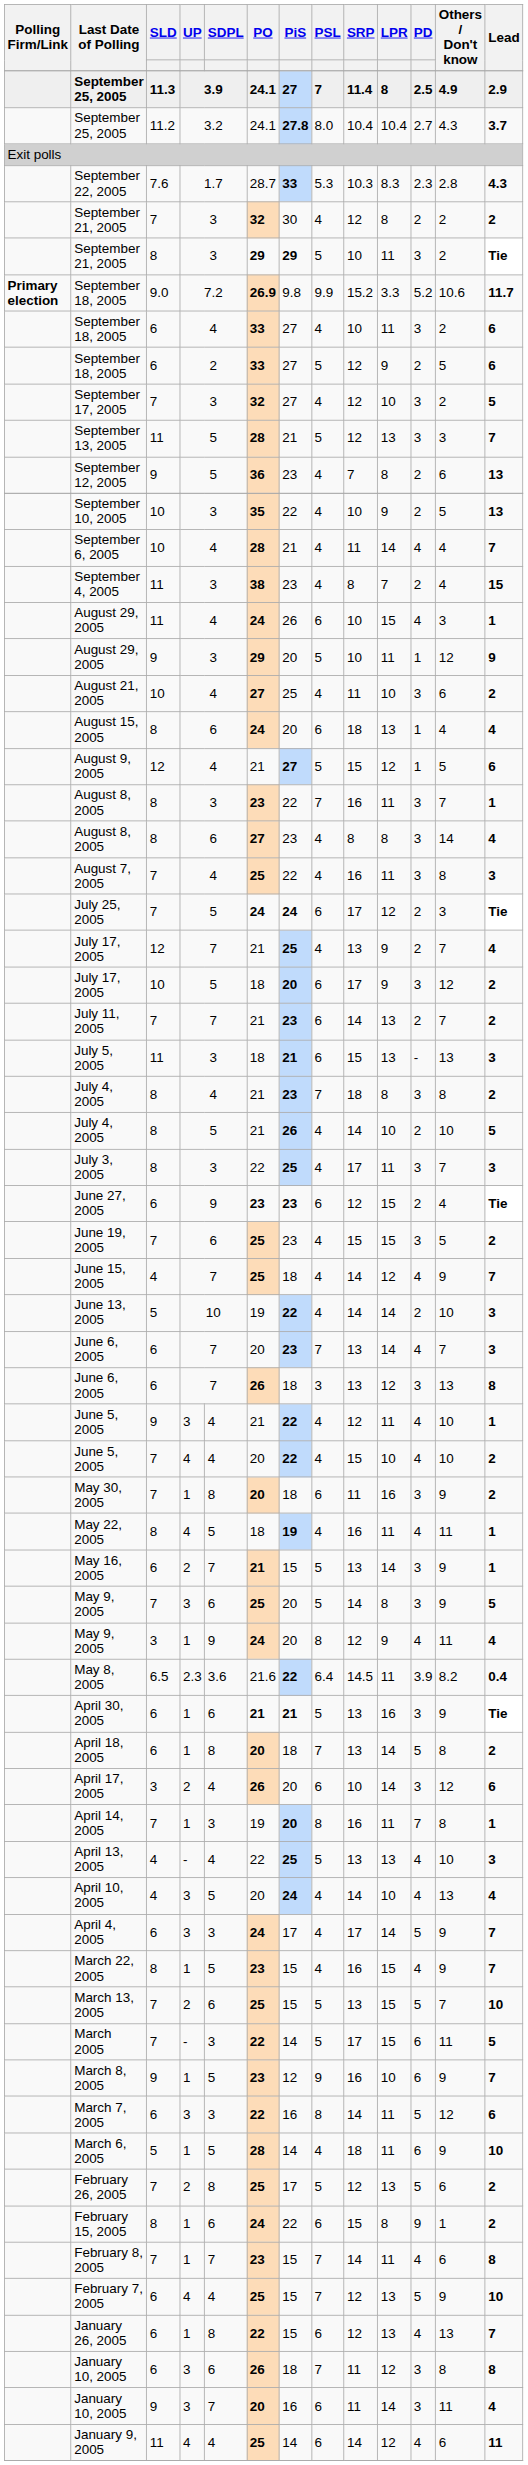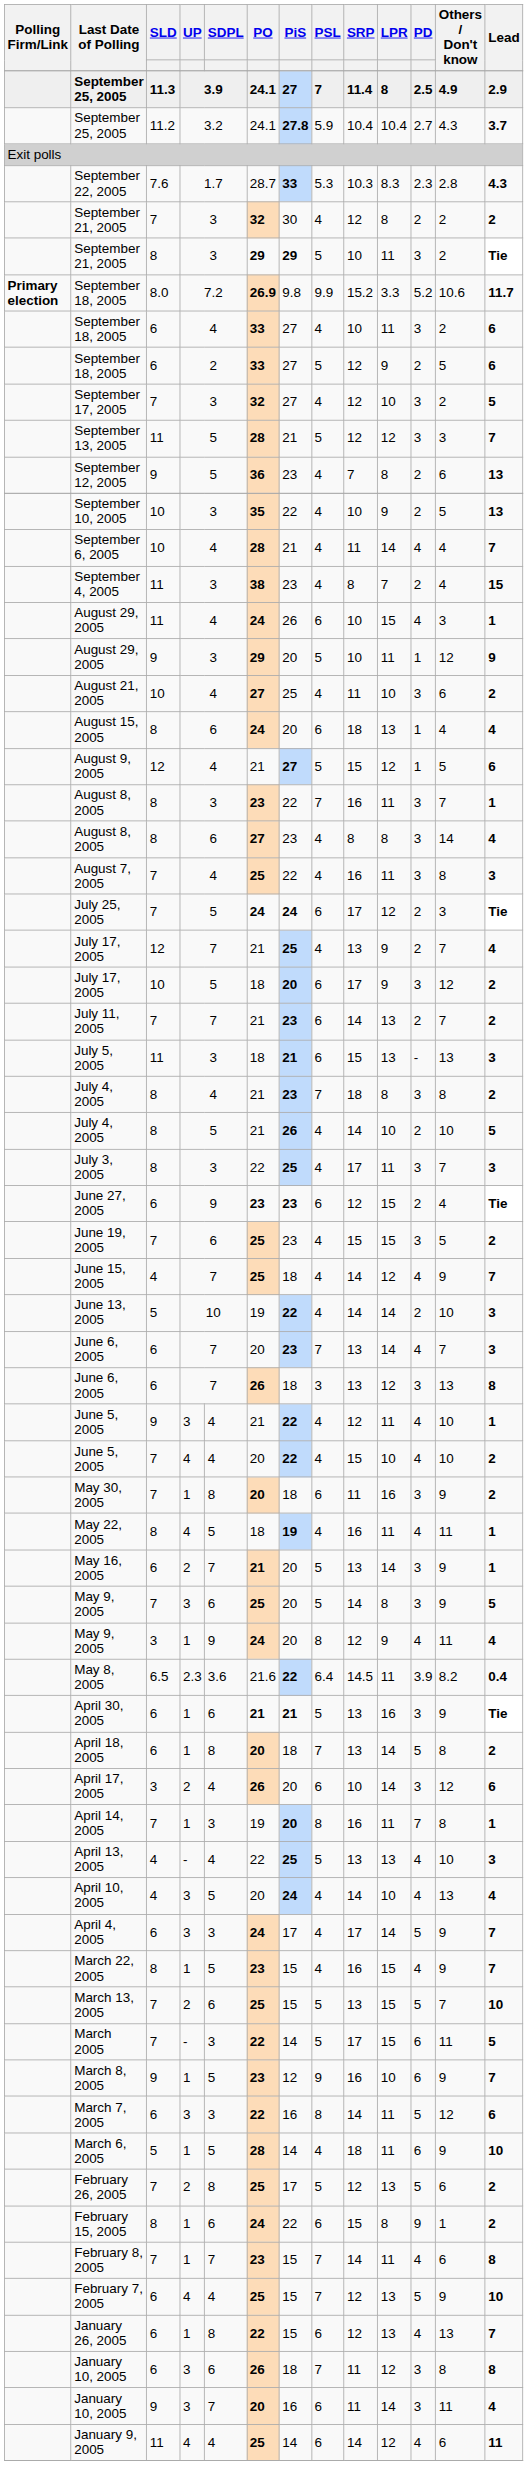 <table class="wikitable sortable collapsible">
 <tr style="height:42px; text-align:center; background-color:#E9E9E9">
 <th rowspan="2" style="width:130px;">Polling Firm/Link</th>
 <th rowspan="2" data-sort-type="date" style="width:130px;">Last Date<br>of Polling</th>
 <th style="width:60px;" class="unsortable"><a href='#'>SLD</a></th>
 <th style="width:60px;" class="unsortable"><a href='#'>UP</a></th>
 <th style="width:60px;" class="unsortable"><a href='#'>SDPL</a></th>
 <th style="width:60px;" class="unsortable"><a href='#'>PO</a></th>
 <th style="width:60px;" class="unsortable"><a href='#'>PiS</a></th>
 <th style="width:60px;" class="unsortable"><a href='#'>PSL</a></th>
 <th style="width:60px;" class="unsortable"><a href='#'>SRP</a></th>
 <th style="width:60px;" class="unsortable"><a href='#'>LPR</a></th>
 <th style="width:60px;" class="unsortable"><a href='#'>PD</a></th>
 <th rowspan="2" data-sort-type="number" style="width:40px;">Others /<br>Don't know</th>
 <th rowspan="2" data-sort-type="number" style="width:30px;">Lead</th>
 </tr>
 <tr>
 <th data-sort-type="number" style="height:1px; background:"></th>
 <th data-sort-type="number" style="height:1px; background:"></th>
 <th data-sort-type="number" style="height:1px; background:"></th>
 <th data-sort-type="number" style="height:1px; background:"></th>
 <th data-sort-type="number" style="height:1px; background:"></th>
 <th data-sort-type="number" style="height:1px; background:"></th>
 <th data-sort-type="number" style="height:1px; background:"></th>
 <th data-sort-type="number" style="height:1px; background:"></th>
 <th data-sort-type="number" style="height:1px; background:"></th>
 </tr>
 <tr>
 </tr>
 <tr style="background:#EFEFEF; font-weight:bold;">
 <td></td>
 <td>September 25, 2005</td>
 <td>11.3</td>
 <td colspan=2 align=center>3.9</td>
 <td>24.1</td>
 <td style="background:#C0DBFC"><strong>27</strong></td>
 <td>7</td>
 <td>11.4</td>
 <td>8</td>
 <td>2.5</td>
 <td>4.9</td>
 <td style="background:"><strong>2.9</strong></td>
 </tr>
 <tr>
 <td></td>
 <td>September 25, 2005</td>
 <td>11.2</td>
 <td colspan=2 align=center>3.2</td>
 <td>24.1</td>
 <td style="background:#C0DBFC"><strong>27.8</strong></td>
-<td>8.0</td>
+<td>5.9</td>
 <td>10.4</td>
 <td>10.4</td>
 <td>2.7</td>
 <td>4.3</td>
 <td style="background:"><strong>3.7</strong></td>
 </tr>
 <tr>
 <td colspan="14" style="background:#D0D0D0; align=center; color:black">Exit polls</td>
 </tr>
 <tr>
 <td></td>
 <td>September 22, 2005</td>
 <td>7.6</td>
 <td colspan=2 align=center>1.7</td>
 <td>28.7</td>
 <td style="background:#C0DBFC"><strong>33</strong></td>
 <td>5.3</td>
 <td>10.3</td>
 <td>8.3</td>
 <td>2.3</td>
 <td>2.8</td>
 <td style="background:"><strong>4.3</strong></td>
 </tr>
 <tr>
 <td></td>
 <td>September 21, 2005</td>
 <td>7</td>
 <td colspan=2 align=center>3</td>
 <td style="background:#FDDCB8"><strong>32</strong></td>
 <td>30</td>
 <td>4</td>
 <td>12</td>
 <td>8</td>
 <td>2</td>
 <td>2</td>
 <td style="background:"><strong>2</strong></td>
 </tr>
 <tr>
 <td></td>
 <td>September 21, 2005</td>
 <td>8</td>
 <td colspan=2 align=center>3</td>
 <td><strong>29</strong></td>
 <td><strong>29</strong></td>
 <td>5</td>
 <td>10</td>
 <td>11</td>
 <td>3</td>
 <td>2</td>
 <td style="background:white; color:black;"><strong>Tie</strong></td>
 </tr>
 <tr>
 <td><strong>Primary election</strong></td>
 <td>September 18, 2005</td>
-<td>9.0</td>
+<td>8.0</td>
 <td colspan=2 align=center>7.2</td>
 <td style="background:#FDDCB8"><strong>26.9</strong></td>
 <td>9.8</td>
 <td>9.9</td>
 <td>15.2</td>
 <td>3.3</td>
 <td>5.2</td>
 <td>10.6</td>
 <td style="background:"><strong>11.7</strong></td>
 </tr>
 <tr>
 <td></td>
 <td>September 18, 2005</td>
 <td>6</td>
 <td colspan=2 align=center>4</td>
 <td style="background:#FDDCB8"><strong>33</strong></td>
 <td>27</td>
 <td>4</td>
 <td>10</td>
 <td>11</td>
 <td>3</td>
 <td>2</td>
 <td style="background:"><strong>6</strong></td>
 </tr>
 <tr>
 <td></td>
 <td>September 18, 2005</td>
 <td>6</td>
 <td colspan=2 align=center>2</td>
 <td style="background:#FDDCB8"><strong>33</strong></td>
 <td>27</td>
 <td>5</td>
 <td>12</td>
 <td>9</td>
 <td>2</td>
 <td>5</td>
 <td style="background:"><strong>6</strong></td>
 </tr>
 <tr>
 <td></td>
 <td>September 17, 2005</td>
 <td>7</td>
 <td colspan=2 align=center>3</td>
 <td style="background:#FDDCB8"><strong>32</strong></td>
 <td>27</td>
 <td>4</td>
 <td>12</td>
 <td>10</td>
 <td>3</td>
 <td>2</td>
 <td style="background:"><strong>5</strong></td>
 </tr>
 <tr>
 <td></td>
 <td>September 13, 2005</td>
 <td>11</td>
 <td colspan=2 align=center>5</td>
 <td style="background:#FDDCB8"><strong>28</strong></td>
 <td>21</td>
 <td>5</td>
 <td>12</td>
-<td>13</td>
+<td>12</td>
 <td>3</td>
 <td>3</td>
 <td style="background:"><strong>7</strong></td>
 </tr>
 <tr>
 <td></td>
 <td>September 12, 2005</td>
 <td>9</td>
 <td colspan=2 align=center>5</td>
 <td style="background:#FDDCB8"><strong>36</strong></td>
 <td>23</td>
 <td>4</td>
 <td>7</td>
 <td>8</td>
 <td>2</td>
 <td>6</td>
 <td style="background:"><strong>13</strong></td>
 </tr>
 <tr>
 </tr>
 <tr>
 <td></td>
 <td>September 10, 2005</td>
 <td>10</td>
 <td colspan=2 align=center>3</td>
 <td style="background:#FDDCB8"><strong>35</strong></td>
 <td>22</td>
 <td>4</td>
 <td>10</td>
 <td>9</td>
 <td>2</td>
 <td>5</td>
 <td style="background:"><strong>13</strong></td>
 </tr>
 <tr>
 <td></td>
 <td>September 6, 2005</td>
 <td>10</td>
 <td colspan=2 align=center>4</td>
 <td style="background:#FDDCB8"><strong>28</strong></td>
 <td>21</td>
 <td>4</td>
 <td>11</td>
 <td>14</td>
 <td>4</td>
 <td>4</td>
 <td style="background:"><strong>7</strong></td>
 </tr>
 <tr>
 <td></td>
 <td>September 4, 2005</td>
 <td>11</td>
 <td colspan=2 align=center>3</td>
 <td style="background:#FDDCB8"><strong>38</strong></td>
 <td>23</td>
 <td>4</td>
 <td>8</td>
 <td>7</td>
 <td>2</td>
 <td>4</td>
 <td style="background:"><strong>15</strong></td>
 </tr>
 <tr>
 <td></td>
 <td>August 29, 2005</td>
 <td>11</td>
 <td colspan=2 align=center>4</td>
 <td style="background:#FDDCB8"><strong>24</strong></td>
 <td>26</td>
 <td>6</td>
 <td>10</td>
 <td>15</td>
 <td>4</td>
 <td>3</td>
 <td style="background:"><strong>1</strong></td>
 </tr>
 <tr>
 <td></td>
 <td>August 29, 2005</td>
 <td>9</td>
 <td colspan=2 align=center>3</td>
 <td style="background:#FDDCB8"><strong>29</strong></td>
 <td>20</td>
 <td>5</td>
 <td>10</td>
 <td>11</td>
 <td>1</td>
 <td>12</td>
 <td style="background:"><strong>9</strong></td>
 </tr>
 <tr>
 <td></td>
 <td>August 21, 2005</td>
 <td>10</td>
 <td colspan=2 align=center>4</td>
 <td style="background:#FDDCB8"><strong>27</strong></td>
 <td>25</td>
 <td>4</td>
 <td>11</td>
 <td>10</td>
 <td>3</td>
 <td>6</td>
 <td style="background:"><strong>2</strong></td>
 </tr>
 <tr>
 <td></td>
 <td>August 15, 2005</td>
 <td>8</td>
 <td colspan=2 align=center>6</td>
 <td style="background:#FDDCB8"><strong>24</strong></td>
 <td>20</td>
 <td>6</td>
 <td>18</td>
 <td>13</td>
 <td>1</td>
 <td>4</td>
 <td style="background:"><strong>4</strong></td>
 </tr>
 <tr>
 <td></td>
 <td>August 9, 2005</td>
 <td>12</td>
 <td colspan=2 align=center>4</td>
 <td>21</td>
 <td style="background:#C0DBFC"><strong>27</strong></td>
 <td>5</td>
 <td>15</td>
 <td>12</td>
 <td>1</td>
 <td>5</td>
 <td style="background:"><strong>6</strong></td>
 </tr>
 <tr>
 <td></td>
 <td>August 8, 2005</td>
 <td>8</td>
 <td colspan=2 align=center>3</td>
 <td style="background:#FDDCB8"><strong>23</strong></td>
 <td>22</td>
 <td>7</td>
 <td>16</td>
 <td>11</td>
 <td>3</td>
 <td>7</td>
 <td style="background:"><strong>1</strong></td>
 </tr>
 <tr>
 <td></td>
 <td>August 8, 2005</td>
 <td>8</td>
 <td colspan=2 align=center>6</td>
 <td style="background:#FDDCB8"><strong>27</strong></td>
 <td>23</td>
 <td>4</td>
 <td>8</td>
 <td>8</td>
 <td>3</td>
 <td>14</td>
 <td style="background:"><strong>4</strong></td>
 </tr>
 <tr>
 <td></td>
 <td>August 7, 2005</td>
 <td>7</td>
 <td colspan=2 align=center>4</td>
 <td style="background:#FDDCB8"><strong>25</strong></td>
 <td>22</td>
 <td>4</td>
 <td>16</td>
 <td>11</td>
 <td>3</td>
 <td>8</td>
 <td style="background:"><strong>3</strong></td>
 </tr>
 <tr>
 <td></td>
 <td>July 25, 2005</td>
 <td>7</td>
 <td colspan=2 align=center>5</td>
 <td><strong>24</strong></td>
 <td><strong>24</strong></td>
 <td>6</td>
 <td>17</td>
 <td>12</td>
 <td>2</td>
 <td>3</td>
 <td style="background:white; color:black;"><strong>Tie</strong></td>
 </tr>
 <tr>
 <td></td>
 <td>July 17, 2005</td>
 <td>12</td>
 <td colspan=2 align=center>7</td>
 <td>21</td>
 <td style="background:#C0DBFC"><strong>25</strong></td>
 <td>4</td>
 <td>13</td>
 <td>9</td>
 <td>2</td>
 <td>7</td>
 <td style="background:"><strong>4</strong></td>
 </tr>
 <tr>
 <td></td>
 <td>July 17, 2005</td>
 <td>10</td>
 <td colspan=2 align=center>5</td>
 <td>18</td>
 <td style="background:#C0DBFC"><strong>20</strong></td>
 <td>6</td>
 <td>17</td>
 <td>9</td>
 <td>3</td>
 <td>12</td>
 <td style="background:"><strong>2</strong></td>
 </tr>
 <tr>
 <td></td>
 <td>July 11, 2005</td>
 <td>7</td>
 <td colspan=2 align=center>7</td>
 <td>21</td>
 <td style="background:#C0DBFC"><strong>23</strong></td>
 <td>6</td>
 <td>14</td>
 <td>13</td>
 <td>2</td>
 <td>7</td>
 <td style="background:"><strong>2</strong></td>
 </tr>
 <tr>
 <td></td>
 <td>July 5, 2005</td>
 <td>11</td>
 <td colspan=2 align=center>3</td>
 <td>18</td>
 <td style="background:#C0DBFC"><strong>21</strong></td>
 <td>6</td>
 <td>15</td>
 <td>13</td>
 <td>-</td>
 <td>13</td>
 <td style="background:"><strong>3</strong></td>
 </tr>
 <tr>
 <td></td>
 <td>July 4, 2005</td>
 <td>8</td>
 <td colspan=2 align=center>4</td>
 <td>21</td>
 <td style="background:#C0DBFC"><strong>23</strong></td>
 <td>7</td>
 <td>18</td>
 <td>8</td>
 <td>3</td>
 <td>8</td>
 <td style="background:"><strong>2</strong></td>
 </tr>
 <tr>
 <td></td>
 <td>July 4, 2005</td>
 <td>8</td>
 <td colspan=2 align=center>5</td>
 <td>21</td>
 <td style="background:#C0DBFC"><strong>26</strong></td>
 <td>4</td>
 <td>14</td>
 <td>10</td>
 <td>2</td>
 <td>10</td>
 <td style="background:"><strong>5</strong></td>
 </tr>
 <tr>
 <td></td>
 <td>July 3, 2005</td>
 <td>8</td>
 <td colspan=2 align=center>3</td>
 <td>22</td>
 <td style="background:#C0DBFC"><strong>25</strong></td>
 <td>4</td>
 <td>17</td>
 <td>11</td>
 <td>3</td>
 <td>7</td>
 <td style="background:"><strong>3</strong></td>
 </tr>
 <tr>
 <td></td>
 <td>June 27, 2005</td>
 <td>6</td>
 <td colspan=2 align=center>9</td>
 <td><strong>23</strong></td>
 <td><strong>23</strong></td>
 <td>6</td>
 <td>12</td>
 <td>15</td>
 <td>2</td>
 <td>4</td>
 <td style="background:white; color:black;"><strong>Tie</strong></td>
 </tr>
 <tr>
 <td></td>
 <td>June 19, 2005</td>
 <td>7</td>
 <td colspan=2 align=center>6</td>
 <td style="background:#FDDCB8"><strong>25</strong></td>
 <td>23</td>
 <td>4</td>
 <td>15</td>
 <td>15</td>
 <td>3</td>
 <td>5</td>
 <td style="background:"><strong>2</strong></td>
 </tr>
 <tr>
 <td></td>
 <td>June 15, 2005</td>
 <td>4</td>
 <td colspan=2 align=center>7</td>
 <td style="background:#FDDCB8"><strong>25</strong></td>
 <td>18</td>
 <td>4</td>
 <td>14</td>
 <td>12</td>
 <td>4</td>
 <td>9</td>
 <td style="background:"><strong>7</strong></td>
 </tr>
 <tr>
 <td></td>
 <td>June 13, 2005</td>
 <td>5</td>
 <td colspan=2 align=center>10</td>
 <td>19</td>
 <td style="background:#C0DBFC"><strong>22</strong></td>
 <td>4</td>
 <td>14</td>
 <td>14</td>
 <td>2</td>
 <td>10</td>
 <td style="background:"><strong>3</strong></td>
 </tr>
 <tr>
 <td></td>
 <td>June 6, 2005</td>
 <td>6</td>
 <td colspan=2 align=center>7</td>
 <td>20</td>
 <td style="background:#C0DBFC"><strong>23</strong></td>
 <td>7</td>
 <td>13</td>
 <td>14</td>
 <td>4</td>
 <td>7</td>
 <td style="background:"><strong>3</strong></td>
 </tr>
 <tr>
 <td></td>
 <td>June 6, 2005</td>
 <td>6</td>
 <td colspan=2 align=center>7</td>
 <td style="background:#FDDCB8"><strong>26</strong></td>
 <td>18</td>
 <td>3</td>
 <td>13</td>
 <td>12</td>
 <td>3</td>
 <td>13</td>
 <td style="background:"><strong>8</strong></td>
 </tr>
 <tr>
 <td></td>
 <td>June 5, 2005</td>
 <td>9</td>
 <td>3</td>
 <td>4</td>
 <td>21</td>
 <td style="background:#C0DBFC"><strong>22</strong></td>
 <td>4</td>
 <td>12</td>
 <td>11</td>
 <td>4</td>
 <td>10</td>
 <td style="background:"><strong>1</strong></td>
 </tr>
 <tr>
 <td></td>
 <td>June 5, 2005</td>
 <td>7</td>
 <td>4</td>
 <td>4</td>
 <td>20</td>
 <td style="background:#C0DBFC"><strong>22</strong></td>
 <td>4</td>
 <td>15</td>
 <td>10</td>
 <td>4</td>
 <td>10</td>
 <td style="background:"><strong>2</strong></td>
 </tr>
 <tr>
 <td></td>
 <td>May 30, 2005</td>
 <td>7</td>
 <td>1</td>
 <td>8</td>
 <td style="background:#FDDCB8"><strong>20</strong></td>
 <td>18</td>
 <td>6</td>
 <td>11</td>
 <td>16</td>
 <td>3</td>
 <td>9</td>
 <td style="background:"><strong>2</strong></td>
 </tr>
 <tr>
 <td></td>
 <td>May 22, 2005</td>
 <td>8</td>
 <td>4</td>
 <td>5</td>
 <td>18</td>
 <td style="background:#C0DBFC"><strong>19</strong></td>
 <td>4</td>
 <td>16</td>
 <td>11</td>
 <td>4</td>
 <td>11</td>
 <td style="background:"><strong>1</strong></td>
 </tr>
 <tr>
 <td></td>
 <td>May 16, 2005</td>
 <td>6</td>
 <td>2</td>
 <td>7</td>
 <td style="background:#FDDCB8"><strong>21</strong></td>
-<td>15</td>
+<td>20</td>
 <td>5</td>
 <td>13</td>
 <td>14</td>
 <td>3</td>
 <td>9</td>
 <td style="background:"><strong>1</strong></td>
 </tr>
 <tr>
 <td></td>
 <td>May 9, 2005</td>
 <td>7</td>
 <td>3</td>
 <td>6</td>
 <td style="background:#FDDCB8"><strong>25</strong></td>
 <td>20</td>
 <td>5</td>
 <td>14</td>
 <td>8</td>
 <td>3</td>
 <td>9</td>
 <td style="background:"><strong>5</strong></td>
 </tr>
 <tr>
 <td></td>
 <td>May 9, 2005</td>
 <td>3</td>
 <td>1</td>
 <td>9</td>
 <td style="background:#FDDCB8"><strong>24</strong></td>
 <td>20</td>
 <td>8</td>
 <td>12</td>
 <td>9</td>
 <td>4</td>
 <td>11</td>
 <td style="background:"><strong>4</strong></td>
 </tr>
 <tr>
 <td></td>
 <td>May 8, 2005</td>
 <td>6.5</td>
 <td>2.3</td>
 <td>3.6</td>
 <td>21.6</td>
 <td style="background:#C0DBFC"><strong>22</strong></td>
 <td>6.4</td>
 <td>14.5</td>
 <td>11</td>
 <td>3.9</td>
 <td>8.2</td>
 <td style="background:"><strong>0.4</strong></td>
 </tr>
 <tr>
 <td></td>
 <td>April 30, 2005</td>
 <td>6</td>
 <td>1</td>
 <td>6</td>
 <td><strong>21</strong></td>
 <td><strong>21</strong></td>
 <td>5</td>
 <td>13</td>
 <td>16</td>
 <td>3</td>
 <td>9</td>
 <td style="background:white; color:black;"><strong>Tie</strong></td>
 </tr>
 <tr>
 <td></td>
 <td>April 18, 2005</td>
 <td>6</td>
 <td>1</td>
 <td>8</td>
 <td style="background:#FDDCB8"><strong>20</strong></td>
 <td>18</td>
 <td>7</td>
 <td>13</td>
 <td>14</td>
 <td>5</td>
 <td>8</td>
 <td style="background:"><strong>2</strong></td>
 </tr>
 <tr>
 <td></td>
 <td>April 17, 2005</td>
 <td>3</td>
 <td>2</td>
 <td>4</td>
 <td style="background:#FDDCB8"><strong>26</strong></td>
 <td>20</td>
 <td>6</td>
 <td>10</td>
 <td>14</td>
 <td>3</td>
 <td>12</td>
 <td style="background:"><strong>6</strong></td>
 </tr>
 <tr>
 <td></td>
 <td>April 14, 2005</td>
 <td>7</td>
 <td>1</td>
 <td>3</td>
 <td>19</td>
 <td style="background:#C0DBFC"><strong>20</strong></td>
 <td>8</td>
 <td>16</td>
 <td>11</td>
 <td>7</td>
 <td>8</td>
 <td style="background:"><strong>1</strong></td>
 </tr>
 <tr>
 <td></td>
 <td>April 13, 2005</td>
 <td>4</td>
 <td>-</td>
 <td>4</td>
 <td>22</td>
 <td style="background:#C0DBFC"><strong>25</strong></td>
 <td>5</td>
 <td>13</td>
 <td>13</td>
 <td>4</td>
 <td>10</td>
 <td style="background:"><strong>3</strong></td>
 </tr>
 <tr>
 <td></td>
 <td>April 10, 2005</td>
 <td>4</td>
 <td>3</td>
 <td>5</td>
 <td>20</td>
 <td style="background:#C0DBFC"><strong>24</strong></td>
 <td>4</td>
 <td>14</td>
 <td>10</td>
 <td>4</td>
 <td>13</td>
 <td style="background:"><strong>4</strong></td>
 </tr>
 <tr>
 <td></td>
 <td>April 4, 2005</td>
 <td>6</td>
 <td>3</td>
 <td>3</td>
 <td style="background:#FDDCB8"><strong>24</strong></td>
 <td>17</td>
 <td>4</td>
 <td>17</td>
 <td>14</td>
 <td>5</td>
 <td>9</td>
 <td style="background:"><strong>7</strong></td>
 </tr>
 <tr>
 <td></td>
 <td>March 22, 2005</td>
 <td>8</td>
 <td>1</td>
 <td>5</td>
 <td style="background:#FDDCB8"><strong>23</strong></td>
 <td>15</td>
 <td>4</td>
 <td>16</td>
 <td>15</td>
 <td>4</td>
 <td>9</td>
 <td style="background:"><strong>7</strong></td>
 </tr>
 <tr>
 <td></td>
 <td>March 13, 2005</td>
 <td>7</td>
 <td>2</td>
 <td>6</td>
 <td style="background:#FDDCB8"><strong>25</strong></td>
 <td>15</td>
 <td>5</td>
 <td>13</td>
 <td>15</td>
 <td>5</td>
 <td>7</td>
 <td style="background:"><strong>10</strong></td>
 </tr>
 <tr>
 <td></td>
 <td>March 2005</td>
 <td>7</td>
 <td>-</td>
 <td>3</td>
 <td style="background:#FDDCB8"><strong>22</strong></td>
 <td>14</td>
 <td>5</td>
 <td>17</td>
 <td>15</td>
 <td>6</td>
 <td>11</td>
 <td style="background:"><strong>5</strong></td>
 </tr>
 <tr>
 <td></td>
 <td>March 8, 2005</td>
 <td>9</td>
 <td>1</td>
 <td>5</td>
 <td style="background:#FDDCB8"><strong>23</strong></td>
 <td>12</td>
 <td>9</td>
 <td>16</td>
 <td>10</td>
 <td>6</td>
 <td>9</td>
 <td style="background:"><strong>7</strong></td>
 </tr>
 <tr>
 <td></td>
 <td>March 7, 2005</td>
 <td>6</td>
 <td>3</td>
 <td>3</td>
 <td style="background:#FDDCB8"><strong>22</strong></td>
 <td>16</td>
 <td>8</td>
 <td>14</td>
 <td>11</td>
 <td>5</td>
 <td>12</td>
 <td style="background:"><strong>6</strong></td>
 </tr>
 <tr>
 <td></td>
 <td>March 6, 2005</td>
 <td>5</td>
 <td>1</td>
 <td>5</td>
 <td style="background:#FDDCB8"><strong>28</strong></td>
 <td>14</td>
 <td>4</td>
 <td>18</td>
 <td>11</td>
 <td>6</td>
 <td>9</td>
 <td style="background:"><strong>10</strong></td>
 </tr>
 <tr>
 <td></td>
 <td>February 26, 2005</td>
 <td>7</td>
 <td>2</td>
 <td>8</td>
 <td style="background:#FDDCB8"><strong>25</strong></td>
 <td>17</td>
 <td>5</td>
 <td>12</td>
 <td>13</td>
 <td>5</td>
 <td>6</td>
 <td style="background:"><strong>2</strong></td>
 </tr>
 <tr>
 <td></td>
 <td>February 15, 2005</td>
 <td>8</td>
 <td>1</td>
 <td>6</td>
 <td style="background:#FDDCB8"><strong>24</strong></td>
 <td>22</td>
 <td>6</td>
 <td>15</td>
 <td>8</td>
 <td>9</td>
 <td>1</td>
 <td style="background:"><strong>2</strong></td>
 </tr>
 <tr>
 <td></td>
 <td>February 8, 2005</td>
 <td>7</td>
 <td>1</td>
 <td>7</td>
 <td style="background:#FDDCB8"><strong>23</strong></td>
 <td>15</td>
 <td>7</td>
 <td>14</td>
 <td>11</td>
 <td>4</td>
 <td>6</td>
 <td style="background:"><strong>8</strong></td>
 </tr>
 <tr>
 <td></td>
 <td>February 7, 2005</td>
 <td>6</td>
 <td>4</td>
 <td>4</td>
 <td style="background:#FDDCB8"><strong>25</strong></td>
 <td>15</td>
 <td>7</td>
 <td>12</td>
 <td>13</td>
 <td>5</td>
 <td>9</td>
 <td style="background:"><strong>10</strong></td>
 </tr>
 <tr>
 <td></td>
 <td>January 26, 2005</td>
 <td>6</td>
 <td>1</td>
 <td>8</td>
 <td style="background:#FDDCB8"><strong>22</strong></td>
 <td>15</td>
 <td>6</td>
 <td>12</td>
 <td>13</td>
 <td>4</td>
 <td>13</td>
 <td style="background:"><strong>7</strong></td>
 </tr>
 <tr>
 <td></td>
 <td>January 10, 2005</td>
 <td>6</td>
 <td>3</td>
 <td>6</td>
 <td style="background:#FDDCB8"><strong>26</strong></td>
 <td>18</td>
 <td>7</td>
 <td>11</td>
 <td>12</td>
 <td>3</td>
 <td>8</td>
 <td style="background:"><strong>8</strong></td>
 </tr>
 <tr>
 <td></td>
 <td>January 10, 2005</td>
 <td>9</td>
 <td>3</td>
 <td>7</td>
 <td style="background:#FDDCB8"><strong>20</strong></td>
 <td>16</td>
 <td>6</td>
 <td>11</td>
 <td>14</td>
 <td>3</td>
 <td>11</td>
 <td style="background:"><strong>4</strong></td>
 </tr>
 <tr>
 <td></td>
 <td>January 9, 2005</td>
 <td>11</td>
 <td>4</td>
 <td>4</td>
 <td style="background:#FDDCB8"><strong>25</strong></td>
 <td>14</td>
 <td>6</td>
 <td>14</td>
 <td>12</td>
 <td>4</td>
 <td>6</td>
 <td style="background:"><strong>11</strong></td>
 </tr>
 <tr>
 </tr>
 </table>
